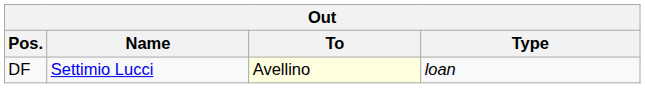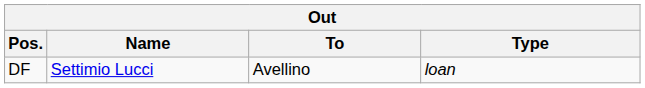 <table class="wikitable" style="font-size:100%;width:99%;">
 <tr>
 <th colspan="4">Out</th>
 </tr>
 <tr>
 <th width=3%>Pos.</th>
 <th width=33%>Name</th>
 <th width=28%>To</th>
 <th width=36%>Type</th>
 </tr>
 <tr>
 <td>DF</td>
 <td><a href='#'>Settimio Lucci</a></td>
-<td style="background: lightyellow;">Avellino</td>
+<td>Avellino</td>
 <td><em>loan</em></td>
 </tr>
 </table>
